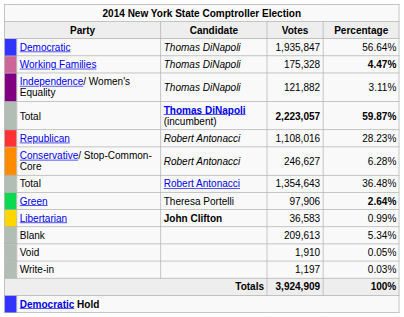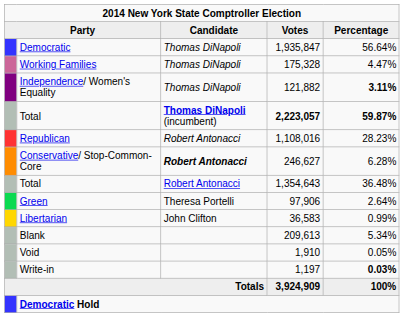 <table style="margin: 1em 1em 1em 0; background: #f9f9f9; border: 1px #aaa solid; border-collapse: collapse; font-size: 95%;" cellspacing="0" cellpadding="4" border="1">
 <tr>
 <th colspan="5">2014 New York State Comptroller Election</th>
 </tr>
 <tr bgcolor="#EEEEEE" align="center">
 <th colspan="2" style="width: 15em">Party</th>
 <th style="width: 10em">Candidate</th>
 <th style="width: 5em">Votes</th>
 <th style="width: 7em">Percentage</th>
 </tr>
 <tr>
 <th style="background-color:#3333FF; width: 3px"></th>
 <td style="width: 130px"><a href='#'>Democratic</a></td>
 <td><em>Thomas DiNapoli</em></td>
 <td align="right">1,935,847</td>
 <td align="right">56.64%</td>
 </tr>
 <tr>
 <th style="background-color:#CC6699; width: 3px"></th>
 <td style="width: 130px"><a href='#'>Working Families</a></td>
 <td><em>Thomas DiNapoli</em></td>
 <td align="right">175,328</td>
-<td align="right"><strong>4.47%</strong></td>
+<td align="right">4.47%</td>
 </tr>
 <tr>
 <th style="background-color:#800080; width: 3px"></th>
 <td style="width: 130px"><a href='#'>Independence</a>/ Women's Equality</td>
 <td><em>Thomas DiNapoli</em></td>
 <td align="right">121,882</td>
-<td align="right">3.11%</td>
+<td align="right"><strong>3.11%</strong></td>
 </tr>
 <tr>
 <th style="background-color:#B2BEB5; width: 3px"></th>
 <td style="width: 130px">Total</td>
 <td><strong><a href='#'>Thomas DiNapoli</a></strong> (incumbent)</td>
 <td align="right"><strong>2,223,057</strong></td>
 <td align="right"><strong>59.87%</strong></td>
 </tr>
 <tr>
 <th style="background-color:#FF3333; width: 3px"></th>
 <td style="width: 130px"><a href='#'>Republican</a></td>
 <td><em>Robert Antonacci</em></td>
 <td align="right">1,108,016</td>
 <td align="right">28.23%</td>
 </tr>
 <tr>
 <th style="background-color:#FF8C00; width: 3px"></th>
 <td style="width: 130px"><a href='#'>Conservative</a>/ Stop-Common-Core</td>
-<td><em>Robert Antonacci</em></td>
+<td><strong><em>Robert Antonacci</em></strong></td>
 <td align="right">246,627</td>
 <td align="right">6.28%</td>
 </tr>
 <tr>
 <th style="background-color:#B2BEB5; width: 3px"></th>
 <td style="width: 130px">Total</td>
 <td><a href='#'>Robert Antonacci</a></td>
 <td align="right">1,354,643</td>
 <td align="right">36.48%</td>
 </tr>
 <tr>
 <th style="background-color:#0BDA51; width: 3px"></th>
 <td style="width: 130px"><a href='#'>Green</a></td>
 <td>Theresa Portelli</td>
 <td align="right">97,906</td>
-<td align="right"><strong>2.64%</strong></td>
+<td align="right">2.64%</td>
 </tr>
 <tr>
 <th style="background-color:#FFD700; width: 3px"></th>
 <td style="width: 130px"><a href='#'>Libertarian</a></td>
-<td><strong>John Clifton</strong></td>
+<td>John Clifton</td>
 <td align="right">36,583</td>
 <td align="right">0.99%</td>
 </tr>
 <tr>
 <th style="background-color:#B2BEB5; width: 3px"></th>
 <td style="width: 130px">Blank</td>
 <td align="right"></td>
 <td align="right">209,613</td>
 <td align="right">5.34%</td>
 </tr>
 <tr>
 <th style="background-color:#B2BEB5; width: 3px"></th>
 <td style="width: 130px">Void</td>
 <td align="right"></td>
 <td align="right">1,910</td>
 <td align="right">0.05%</td>
 </tr>
 <tr>
 <th style="background-color:#B2BEB5; width: 3px"></th>
 <td style="width: 130px">Write-in</td>
 <td align="right"></td>
 <td align="right">1,197</td>
-<td align="right">0.03%</td>
+<td align="right"><strong>0.03%</strong></td>
 </tr>
 <tr bgcolor="#EEEEEE">
 <td colspan="3" align="right"><strong>Totals</strong></td>
 <td align="right"><strong>3,924,909</strong></td>
 <td align="right"><strong>100%</strong></td>
 </tr>
 <tr>
 <th style="background-color:#3333FF; width: 3px"></th>
 <td colspan="5"><strong><a href='#'>Democratic</a> Hold</strong></td>
 </tr>
 </table>
